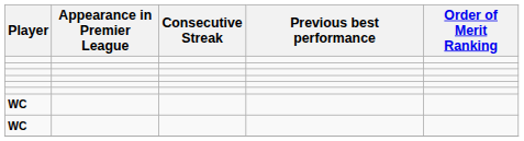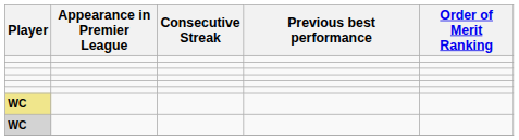 <table class="wikitable sortable" style="text-align: left;">
 <tr>
 <th>Player</th>
 <th>Appearance in<br>Premier League</th>
 <th>Consecutive<br>Streak</th>
 <th>Previous best performance</th>
 <th><a href='#'>Order of Merit<br>Ranking</a></th>
 </tr>
 <tr>
 <td></td>
 <td></td>
 <td></td>
 <td></td>
 <td></td>
 </tr>
 <tr>
 <td></td>
 <td></td>
 <td></td>
 <td></td>
 <td></td>
 </tr>
 <tr>
 <td></td>
 <td></td>
 <td></td>
 <td></td>
 <td></td>
 </tr>
 <tr>
 <td></td>
 <td></td>
 <td></td>
 <td></td>
 <td></td>
 </tr>
 <tr>
 <td></td>
 <td></td>
 <td></td>
 <td></td>
 <td></td>
 </tr>
 <tr>
 <td></td>
 <td></td>
 <td></td>
 <td></td>
 <td></td>
 </tr>
 <tr>
-<td> <small><strong>WC</strong></small></td>
+<td style="background: khaki;"> <small><strong>WC</strong></small></td>
 <td></td>
 <td></td>
 <td></td>
 <td></td>
 </tr>
 <tr>
-<td> <small><strong>WC</strong></small></td>
+<td style="background: lightgrey;"> <small><strong>WC</strong></small></td>
 <td></td>
 <td></td>
 <td></td>
 <td></td>
 </tr>
 <tr>
 </tr>
 </table>
